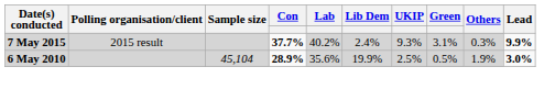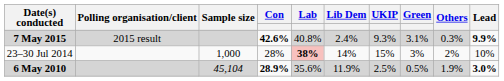 <table class="wikitable sortable" style="text-align:center;font-size:90%;line-height:14px">
 <tr>
 <th rowspan="2">Date(s)<br>conducted</th>
 <th rowspan="2">Polling organisation/client</th>
 <th rowspan="2">Sample size</th>
 <th><a href='#'>Con</a></th>
 <th><a href='#'>Lab</a></th>
 <th><a href='#'>Lib Dem</a></th>
 <th><a href='#'>UKIP</a></th>
 <th><a href='#'>Green</a></th>
 <th rowspan="2" class="unsortable"><a href='#'>Others</a></th>
 <th rowspan="2" class="unsortable">Lead</th>
 </tr>
 <tr>
 <th class="unsortable" style="background:"></th>
 <th class="unsortable" style="background:"></th>
 <th class="unsortable" style="background:"></th>
 <th class="unsortable" style="background:"></th>
 <th class="unsortable" style="background:"></th>
 </tr>
 <tr>
 <td style="background:#D5D5D5"><strong>7 May 2015</strong></td>
 <td style="background:#D5D5D5">2015 result</td>
 <td style="background:#D5D5D5"></td>
-<td style="background:"><strong>37.7%</strong></td>
-<td style="background:#D5D5D5">40.2%</td>
+<td style="background:"><strong>42.6%</strong></td>
+<td style="background:#D5D5D5">40.8%</td>
 <td style="background:#D5D5D5">2.4%</td>
 <td style="background:#D5D5D5">9.3%</td>
 <td style="background:#D5D5D5">3.1%</td>
 <td style="background:#D5D5D5">0.3%</td>
 <td style="background:"><strong>9.9% </strong></td>
 </tr>
 <tr>
+<td>23–30 Jul 2014</td>
+<td> </td>
+<td>1,000</td>
+<td>28%</td>
+<td style="background:#F8C1BE"><strong>38%</strong></td>
+<td>14%</td>
+<td>15%</td>
+<td>3%</td>
+<td>2%</td>
+<td style="background:">10%</td>
+</tr>
+<tr>
 <td style="background:#D5D5D5"><strong>6 May 2010</strong></td>
 <td style="background:#D5D5D5"></td>
 <td style="background:#D5D5D5"><em>45,104</em></td>
 <td style="background:"><strong>28.9%</strong></td>
 <td style="background:#D5D5D5">35.6%</td>
-<td style="background:#D5D5D5">19.9%</td>
+<td style="background:#D5D5D5">11.9%</td>
 <td style="background:#D5D5D5">2.5%</td>
 <td style="background:#D5D5D5">0.5%</td>
 <td style="background:#D5D5D5">1.9%</td>
 <td style="background:"><strong>3.0% </strong></td>
 </tr>
 </table>
